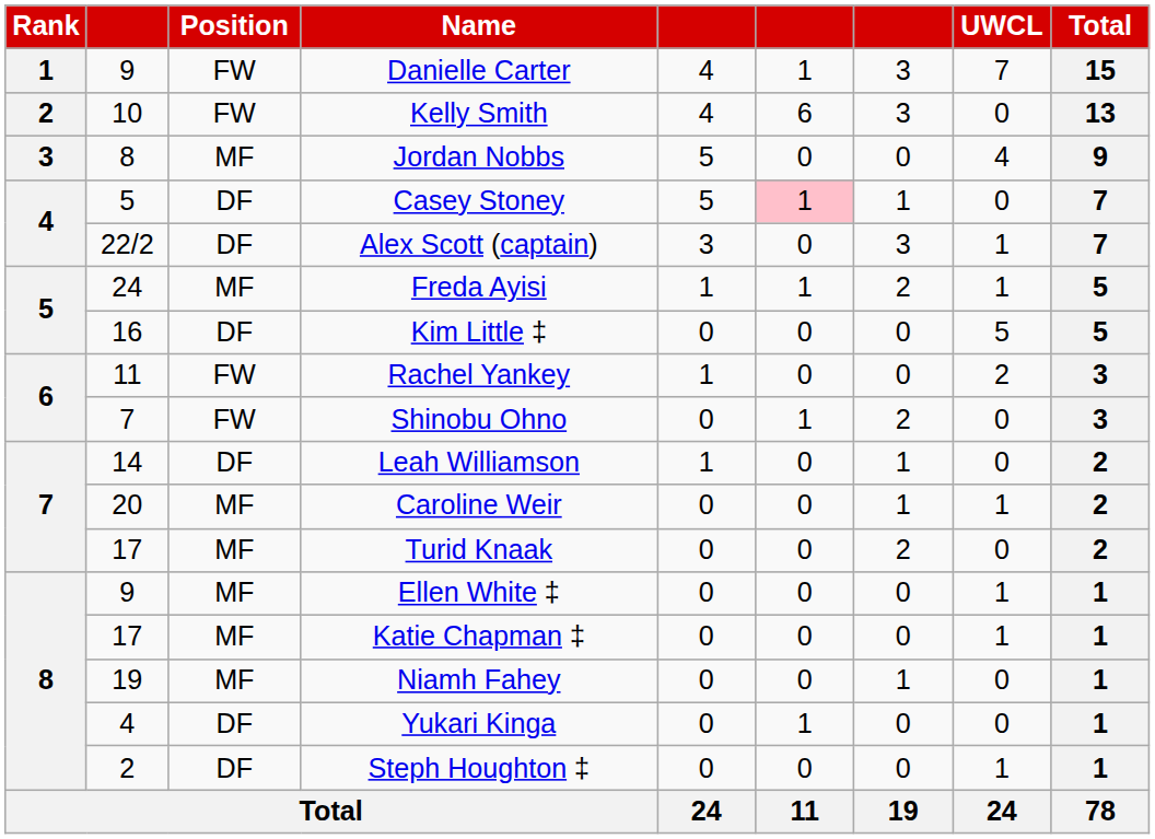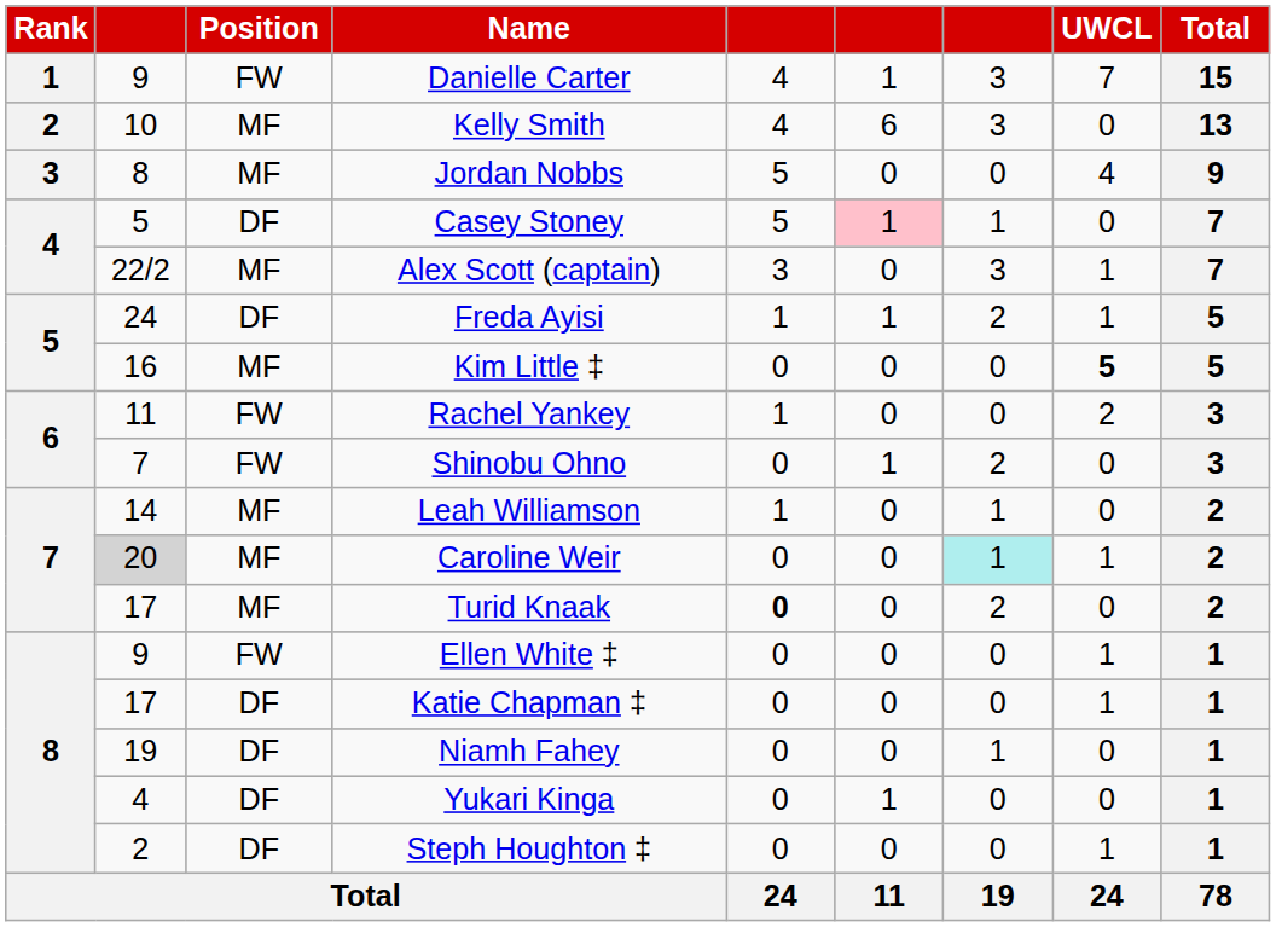 <table class="wikitable" style="text-align:center; font-size:100%; ">
 <tr>
 <th style="background:#d50000; color:white; text-align:center; width:40px">Rank</th>
 <th style="background:#d50000; color:white; text-align:center; width:40px"></th>
 <th style="background:#d50000; color:white; text-align:center; width:70px">Position</th>
 <th style="background:#d50000; color:white; text-align:center; width:200px">Name</th>
 <th style="background:#d50000; color:white; text-align:center; width:50px;"><a href='#'></a></th>
 <th style="background:#d50000; color:white; text-align:center; width:50px;"><a href='#'></a></th>
 <th style="background:#d50000; color:white; text-align:center; width:50px;"></th>
 <th style="background:#d50000; color:white; text-align:center; width:50px;">UWCL</th>
 <th style="background:#d50000; color:white; text-align:center; width:50px;">Total</th>
 </tr>
 <tr>
 <th>1</th>
 <td>9</td>
 <td>FW</td>
 <td> <a href='#'>Danielle Carter</a></td>
 <td>4</td>
 <td>1</td>
 <td>3</td>
 <td>7</td>
 <th>15</th>
 </tr>
 <tr>
 <th>2</th>
 <td>10</td>
-<td>FW</td>
+<td>MF</td>
 <td> <a href='#'>Kelly Smith</a></td>
 <td>4</td>
 <td>6</td>
 <td>3</td>
 <td>0</td>
 <th>13</th>
 </tr>
 <tr>
 <th>3</th>
 <td>8</td>
 <td>MF</td>
 <td> <a href='#'>Jordan Nobbs</a></td>
 <td>5</td>
 <td>0</td>
 <td>0</td>
 <td>4</td>
 <th>9</th>
 </tr>
 <tr>
 <th rowspan="2">4</th>
 <td>5</td>
 <td>DF</td>
 <td> <a href='#'>Casey Stoney</a></td>
 <td>5</td>
 <td style="background: pink;">1</td>
 <td>1</td>
 <td>0</td>
 <th>7</th>
 </tr>
 <tr>
 <td>22/2</td>
-<td>DF</td>
+<td>MF</td>
 <td> <a href='#'>Alex Scott</a> (<a href='#'>captain</a>)</td>
 <td>3</td>
 <td>0</td>
 <td>3</td>
 <td>1</td>
 <th>7</th>
 </tr>
 <tr>
 <th rowspan="2">5</th>
 <td>24</td>
-<td>MF</td>
+<td>DF</td>
 <td> <a href='#'>Freda Ayisi</a></td>
 <td>1</td>
 <td>1</td>
 <td>2</td>
 <td>1</td>
 <th>5</th>
 </tr>
 <tr>
 <td>16</td>
-<td>DF</td>
+<td>MF</td>
 <td> <a href='#'>Kim Little</a> ‡</td>
 <td>0</td>
 <td>0</td>
 <td>0</td>
-<td>5</td>
+<td><strong>5</strong></td>
 <th>5</th>
 </tr>
 <tr>
 <th rowspan="2">6</th>
 <td>11</td>
 <td>FW</td>
 <td> <a href='#'>Rachel Yankey</a></td>
 <td>1</td>
 <td>0</td>
 <td>0</td>
 <td>2</td>
 <th>3</th>
 </tr>
 <tr>
 <td>7</td>
 <td>FW</td>
 <td> <a href='#'>Shinobu Ohno</a></td>
 <td>0</td>
 <td>1</td>
 <td>2</td>
 <td>0</td>
 <th>3</th>
 </tr>
 <tr>
 <th rowspan="3">7</th>
 <td>14</td>
-<td>DF</td>
+<td>MF</td>
 <td> <a href='#'>Leah Williamson</a></td>
 <td>1</td>
 <td>0</td>
 <td>1</td>
 <td>0</td>
 <th>2</th>
 </tr>
 <tr>
-<td>20</td>
+<td style="background: lightgrey;">20</td>
 <td>MF</td>
 <td> <a href='#'>Caroline Weir</a></td>
 <td>0</td>
 <td>0</td>
-<td>1</td>
+<td style="background: paleturquoise;">1</td>
 <td>1</td>
 <th>2</th>
 </tr>
 <tr>
 <td>17</td>
 <td>MF</td>
 <td> <a href='#'>Turid Knaak</a></td>
-<td>0</td>
+<td><strong>0</strong></td>
 <td>0</td>
 <td>2</td>
 <td>0</td>
 <th>2</th>
 </tr>
 <tr>
 <th rowspan="5">8</th>
 <td>9</td>
-<td>MF</td>
+<td>FW</td>
 <td> <a href='#'>Ellen White</a> ‡</td>
 <td>0</td>
 <td>0</td>
 <td>0</td>
 <td>1</td>
 <th>1</th>
 </tr>
 <tr>
 <td>17</td>
-<td>MF</td>
+<td>DF</td>
 <td><em></em> <a href='#'>Katie Chapman</a> ‡</td>
 <td>0</td>
 <td>0</td>
 <td>0</td>
 <td>1</td>
 <th>1</th>
 </tr>
 <tr>
 <td>19</td>
-<td>MF</td>
+<td>DF</td>
 <td> <a href='#'>Niamh Fahey</a></td>
 <td>0</td>
 <td>0</td>
 <td>1</td>
 <td>0</td>
 <th>1</th>
 </tr>
 <tr>
 <td>4</td>
 <td>DF</td>
 <td> <a href='#'>Yukari Kinga</a></td>
 <td>0</td>
 <td>1</td>
 <td>0</td>
 <td>0</td>
 <th>1</th>
 </tr>
 <tr>
 <td>2</td>
 <td>DF</td>
 <td> <a href='#'>Steph Houghton</a> ‡</td>
 <td>0</td>
 <td>0</td>
 <td>0</td>
 <td>1</td>
 <th>1</th>
 </tr>
 <tr>
 <th colspan="4">Total</th>
 <th>24</th>
 <th>11</th>
 <th>19</th>
 <th>24</th>
 <th>78</th>
 </tr>
 </table>
